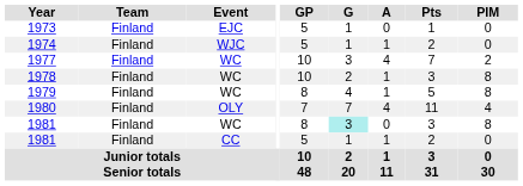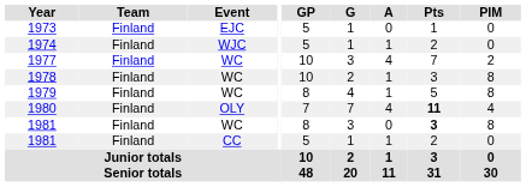 <table border="0" cellpadding="1" cellspacing="0" ID="Table3" style="text-align:center; width:40em">
 <tr bgcolor="#e0e0e0">
 <th>Year</th>
 <th>Team</th>
 <th>Event</th>
 <th rowspan="102" bgcolor="#ffffff"></th>
 <th>GP</th>
 <th>G</th>
 <th>A</th>
 <th>Pts</th>
 <th>PIM</th>
 </tr>
 <tr>
 <td><a href='#'>1973</a></td>
 <td><a href='#'>Finland</a></td>
 <td><a href='#'>EJC</a></td>
 <td>5</td>
 <td>1</td>
 <td>0</td>
 <td>1</td>
 <td>0</td>
 </tr>
 <tr bgcolor="#f0f0f0">
 <td><a href='#'>1974</a></td>
 <td>Finland</td>
 <td><a href='#'>WJC</a></td>
 <td>5</td>
 <td>1</td>
 <td>1</td>
 <td>2</td>
 <td>0</td>
 </tr>
 <tr>
 <td><a href='#'>1977</a></td>
 <td><a href='#'>Finland</a></td>
 <td><a href='#'>WC</a></td>
 <td>10</td>
 <td>3</td>
 <td>4</td>
 <td>7</td>
 <td>2</td>
 </tr>
 <tr bgcolor="#f0f0f0">
 <td><a href='#'>1978</a></td>
 <td>Finland</td>
 <td>WC</td>
 <td>10</td>
 <td>2</td>
 <td>1</td>
 <td>3</td>
 <td>8</td>
 </tr>
 <tr>
 <td><a href='#'>1979</a></td>
 <td>Finland</td>
 <td>WC</td>
 <td>8</td>
 <td>4</td>
 <td>1</td>
 <td>5</td>
 <td>8</td>
 </tr>
 <tr bgcolor="#f0f0f0">
 <td><a href='#'>1980</a></td>
 <td>Finland</td>
 <td><a href='#'>OLY</a></td>
 <td>7</td>
 <td>7</td>
 <td>4</td>
-<td>11</td>
+<td><strong>11</strong></td>
 <td>4</td>
 </tr>
 <tr>
 <td><a href='#'>1981</a></td>
 <td>Finland</td>
 <td>WC</td>
 <td>8</td>
-<td style="background: paleturquoise;">3</td>
+<td>3</td>
 <td>0</td>
-<td>3</td>
+<td><strong>3</strong></td>
 <td>8</td>
 </tr>
 <tr bgcolor="#f0f0f0">
 <td><a href='#'>1981</a></td>
 <td>Finland</td>
 <td><a href='#'>CC</a></td>
 <td>5</td>
 <td>1</td>
 <td>1</td>
 <td>2</td>
 <td>0</td>
 </tr>
 <tr bgcolor="#e0e0e0">
 <th colspan="4">Junior totals</th>
 <th>10</th>
 <th>2</th>
 <th>1</th>
 <th>3</th>
 <th>0</th>
 </tr>
 <tr bgcolor="#e0e0e0">
 <th colspan="4">Senior totals</th>
 <th>48</th>
 <th>20</th>
 <th>11</th>
 <th>31</th>
 <th>30</th>
 </tr>
 </table>
